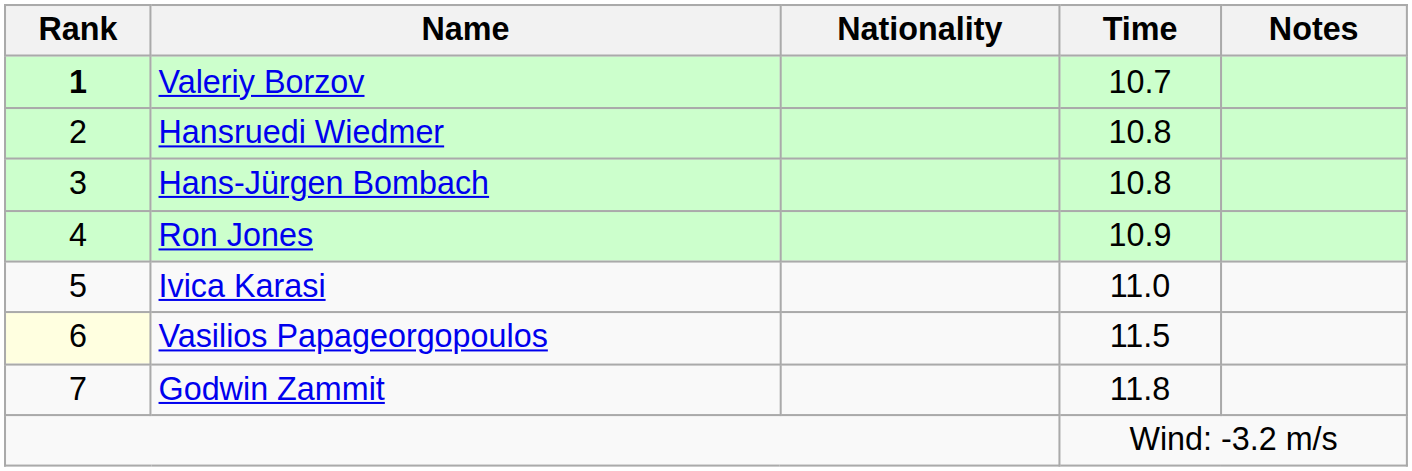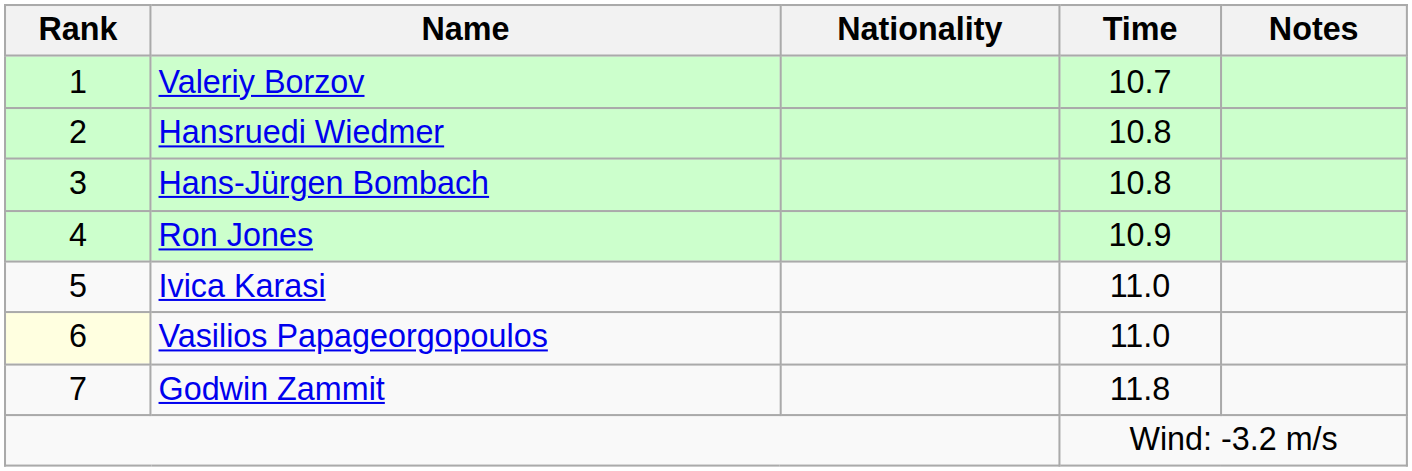 <table class="wikitable sortable" style="text-align:center;width: 55%">
 <tr>
 <th>Rank</th>
 <th>Name</th>
 <th>Nationality</th>
 <th>Time</th>
 <th>Notes</th>
 </tr>
 <tr bgcolor=ccffcc>
-<td><strong>1</strong></td>
+<td>1</td>
 <td align=left><a href='#'>Valeriy Borzov</a></td>
 <td align=left></td>
 <td>10.7</td>
 <td></td>
 </tr>
 <tr bgcolor=ccffcc>
 <td>2</td>
 <td align=left><a href='#'>Hansruedi Wiedmer</a></td>
 <td align=left></td>
 <td>10.8</td>
 <td></td>
 </tr>
 <tr bgcolor=ccffcc>
 <td>3</td>
 <td align=left><a href='#'>Hans-Jürgen Bombach</a></td>
 <td align=left></td>
 <td>10.8</td>
 <td></td>
 </tr>
 <tr bgcolor=ccffcc>
 <td>4</td>
 <td align=left><a href='#'>Ron Jones</a></td>
 <td align=left></td>
 <td>10.9</td>
 <td></td>
 </tr>
 <tr>
 <td>5</td>
 <td align=left><a href='#'>Ivica Karasi</a></td>
 <td align=left></td>
 <td>11.0</td>
 <td></td>
 </tr>
 <tr>
 <td style="background: lightyellow;">6</td>
 <td align=left><a href='#'>Vasilios Papageorgopoulos</a></td>
 <td align=left></td>
-<td>11.5</td>
+<td>11.0</td>
 <td></td>
 </tr>
 <tr>
 <td>7</td>
 <td align=left><a href='#'>Godwin Zammit</a></td>
 <td align=left></td>
 <td>11.8</td>
 <td></td>
 </tr>
 <tr>
 <td colspan="3"></td>
 <td colspan="2">Wind: -3.2 m/s</td>
 </tr>
 </table>
